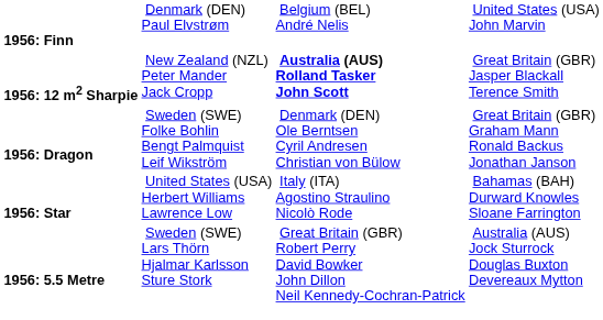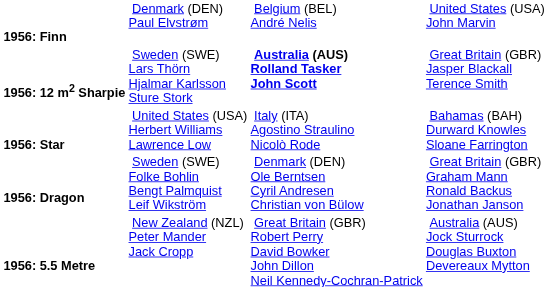 <table>
 <tr>
 <td style="align:center;"><br><br><strong>1956: Finn</strong> <br></td>
 <td style="vertical-align:top;"> <a href='#'>Denmark</a> <span>(DEN)</span><br><a href='#'>Paul Elvstrøm</a></td>
 <td style="vertical-align:top;"> <a href='#'>Belgium</a> <span>(BEL)</span><br><a href='#'>André Nelis</a></td>
 <td style="vertical-align:top;"> <a href='#'>United States</a> <span>(USA)</span><br><a href='#'>John Marvin</a></td>
 </tr>
 <tr>
 <td style="align:center;"><br><br><strong>1956: 12 m<sup>2</sup> Sharpie</strong> <br></td>
-<td style="vertical-align:top;"> <a href='#'>New Zealand</a> <span>(NZL)</span><br><a href='#'>Peter Mander</a><br><a href='#'>Jack Cropp</a></td>
+<td style="vertical-align:top;"> <a href='#'>Sweden</a> <span>(SWE)</span><br><a href='#'>Lars Thörn</a><br><a href='#'>Hjalmar Karlsson</a><br><a href='#'>Sture Stork</a></td>
 <td style="vertical-align:top;"><strong> <a href='#'>Australia</a> <span>(AUS)</span><br><a href='#'>Rolland Tasker</a><br><a href='#'>John Scott</a></strong></td>
 <td style="vertical-align:top;"> <a href='#'>Great Britain</a> <span>(GBR)</span><br><a href='#'>Jasper Blackall</a><br><a href='#'>Terence Smith</a></td>
+</tr>
+<tr>
+<td style="align:center;"><br><br><strong>1956: Star</strong> <br></td>
+<td style="vertical-align:top;"> <a href='#'>United States</a> <span>(USA)</span><br><a href='#'>Herbert Williams</a><br><a href='#'>Lawrence Low</a></td>
+<td style="vertical-align:top;"> <a href='#'>Italy</a> <span>(ITA)</span><br><a href='#'>Agostino Straulino</a><br><a href='#'>Nicolò Rode</a></td>
+<td style="vertical-align:top;"> <a href='#'>Bahamas</a> <span>(BAH)</span><br><a href='#'>Durward Knowles</a><br><a href='#'>Sloane Farrington</a></td>
 </tr>
 <tr>
 <td style="align:center;"><br><br><strong>1956: Dragon</strong> <br></td>
 <td style="vertical-align:top;"> <a href='#'>Sweden</a> <span>(SWE)</span><br><a href='#'>Folke Bohlin</a><br><a href='#'>Bengt Palmquist</a><br><a href='#'>Leif Wikström</a></td>
 <td style="vertical-align:top;"> <a href='#'>Denmark</a> <span>(DEN)</span><br><a href='#'>Ole Berntsen</a><br><a href='#'>Cyril Andresen</a><br><a href='#'>Christian von Bülow</a></td>
 <td style="vertical-align:top;"> <a href='#'>Great Britain</a> <span>(GBR)</span><br><a href='#'>Graham Mann</a><br><a href='#'>Ronald Backus</a><br><a href='#'>Jonathan Janson</a></td>
 </tr>
 <tr>
-<td style="align:center;"><br><br><strong>1956: Star</strong> <br></td>
-<td style="vertical-align:top;"> <a href='#'>United States</a> <span>(USA)</span><br><a href='#'>Herbert Williams</a><br><a href='#'>Lawrence Low</a></td>
-<td style="vertical-align:top;"> <a href='#'>Italy</a> <span>(ITA)</span><br><a href='#'>Agostino Straulino</a><br><a href='#'>Nicolò Rode</a></td>
-<td style="vertical-align:top;"> <a href='#'>Bahamas</a> <span>(BAH)</span><br><a href='#'>Durward Knowles</a><br><a href='#'>Sloane Farrington</a></td>
-</tr>
-<tr>
 <td style="align:center;"><br><br><strong>1956: 5.5 Metre</strong> <br></td>
-<td style="vertical-align:top;"> <a href='#'>Sweden</a> <span>(SWE)</span><br><a href='#'>Lars Thörn</a><br><a href='#'>Hjalmar Karlsson</a><br><a href='#'>Sture Stork</a></td>
+<td style="vertical-align:top;"> <a href='#'>New Zealand</a> <span>(NZL)</span><br><a href='#'>Peter Mander</a><br><a href='#'>Jack Cropp</a></td>
 <td style="vertical-align:top;"> <a href='#'>Great Britain</a> <span>(GBR)</span><br><a href='#'>Robert Perry</a><br><a href='#'>David Bowker</a><br><a href='#'>John Dillon</a><br><a href='#'>Neil Kennedy-Cochran-Patrick</a></td>
 <td style="vertical-align:top;"> <a href='#'>Australia</a> <span>(AUS)</span><br><a href='#'>Jock Sturrock</a><br><a href='#'>Douglas Buxton</a><br><a href='#'>Devereaux Mytton</a></td>
 </tr>
 </table>
